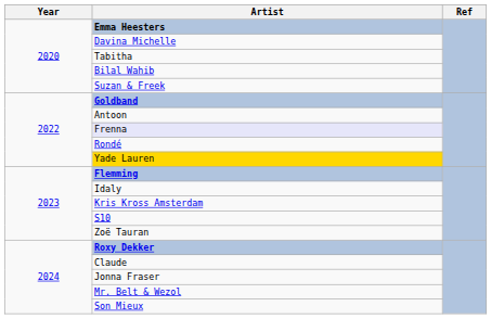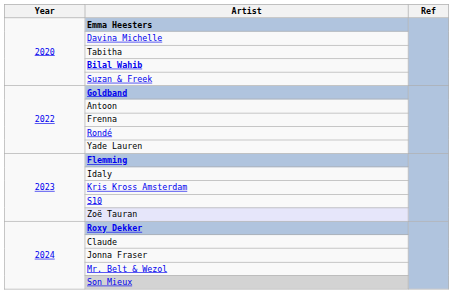 <table class="wikitable" style="width:55%;">
 <tr style="background:#bebebe;">
 <th style="width:10%;">Year</th>
 <th style="width:40%;">Artist</th>
 <th style="width:5%;">Ref</th>
 </tr>
 <tr>
 <td rowspan="5" align="center"><a href='#'>2020</a></td>
 <td style="background:#B0C4DE"><strong>Emma Heesters</strong></td>
 <td style="background:#B0C4DE" rowspan="5" align="center"></td>
 </tr>
 <tr>
 <td><a href='#'>Davina Michelle</a></td>
 </tr>
 <tr>
 <td>Tabitha</td>
 </tr>
 <tr>
-<td><a href='#'>Bilal Wahib</a></td>
+<td><strong><a href='#'>Bilal Wahib</a></strong></td>
 </tr>
 <tr>
 <td><a href='#'>Suzan & Freek</a></td>
 </tr>
 <tr>
 <td rowspan="5" align="center"><a href='#'>2022</a></td>
 <td style="background:#B0C4DE"><strong><a href='#'>Goldband</a></strong></td>
 <td style="background:#B0C4DE" rowspan="5" align="center"></td>
 </tr>
 <tr>
 <td>Antoon</td>
 </tr>
 <tr>
-<td style="background: lavender;">Frenna</td>
+<td>Frenna</td>
 </tr>
 <tr>
 <td><a href='#'>Rondé</a></td>
 </tr>
 <tr>
-<td style="background: gold;">Yade Lauren</td>
+<td>Yade Lauren</td>
 </tr>
 <tr>
 <td rowspan="5" align="center"><a href='#'>2023</a></td>
 <td style="background:#B0C4DE"><strong><a href='#'>Flemming</a></strong></td>
 <td style="background:#B0C4DE" rowspan="5" align="center"><br></td>
 </tr>
 <tr>
 <td>Idaly</td>
 </tr>
 <tr>
 <td><a href='#'>Kris Kross Amsterdam</a></td>
 </tr>
 <tr>
 <td><a href='#'>S10</a></td>
 </tr>
 <tr>
-<td>Zoë Tauran</td>
+<td style="background: lavender;">Zoë Tauran</td>
 </tr>
 <tr s>
 <td rowspan="5" align="center"><a href='#'>2024</a></td>
 <td style="background:#B0C4DE"><a href='#'><strong>Roxy Dekker</strong></a></td>
 <td style="background:#B0C4DE" rowspan="5" align="center"><br></td>
 </tr>
 <tr>
 <td>Claude</td>
 </tr>
 <tr>
 <td>Jonna Fraser</td>
 </tr>
 <tr>
 <td><a href='#'>Mr. Belt & Wezol</a></td>
 </tr>
 <tr>
-<td><a href='#'>Son Mieux</a></td>
+<td style="background: lightgrey;"><a href='#'>Son Mieux</a></td>
 </tr>
 </table>
